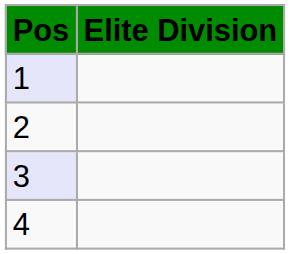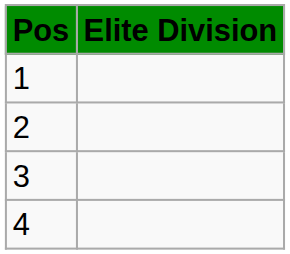 <table class="wikitable" style="margin:0.5em auto; font-size:95%">
 <tr style="background:#008b00;">
 <td><strong>Pos</strong></td>
 <td><strong>Elite Division</strong></td>
 </tr>
 <tr>
-<td style="background: lavender;">1</td>
+<td>1</td>
 <td></td>
 </tr>
 <tr>
 <td>2</td>
 <td></td>
 </tr>
 <tr>
-<td style="background: lavender;">3</td>
+<td>3</td>
 <td></td>
 </tr>
 <tr>
 <td>4</td>
 <td></td>
 </tr>
 </table>
